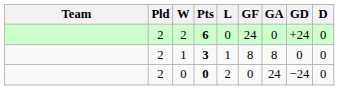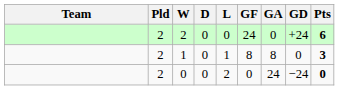 <table class="wikitable" style="text-align:center">
 <tr>
 <th width=175>Team</th>
 <th width=20>Pld</th>
 <th width=20>W</th>
-<th width=20>Pts</th>
+<th width=20>D</th>
 <th width=20>L</th>
 <th width=20>GF</th>
 <th width=20>GA</th>
 <th width=20>GD</th>
-<th width=20>D</th>
+<th width=20>Pts</th>
 </tr>
 <tr bgcolor=ccffcc>
 <td align=left></td>
 <td>2</td>
 <td>2</td>
-<td><strong>6</strong></td>
+<td>0</td>
 <td>0</td>
 <td>24</td>
 <td>0</td>
 <td>+24</td>
-<td>0</td>
+<td><strong>6</strong></td>
 </tr>
 <tr>
 <td align=left></td>
 <td>2</td>
 <td>1</td>
-<td><strong>3</strong></td>
+<td>0</td>
 <td>1</td>
 <td>8</td>
 <td>8</td>
 <td>0</td>
-<td>0</td>
+<td><strong>3</strong></td>
 </tr>
 <tr>
 <td align=left></td>
 <td>2</td>
 <td>0</td>
-<td><strong>0</strong></td>
+<td>0</td>
 <td>2</td>
 <td>0</td>
 <td>24</td>
 <td>−24</td>
-<td>0</td>
+<td><strong>0</strong></td>
 </tr>
 </table>
